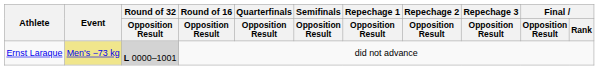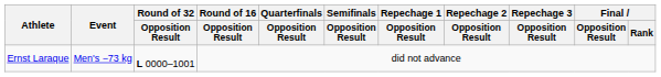 <table class="wikitable" style="font-size:90%">
 <tr>
 <th rowspan="2">Athlete</th>
 <th rowspan="2">Event</th>
 <th>Round of 32</th>
 <th>Round of 16</th>
 <th>Quarterfinals</th>
 <th>Semifinals</th>
 <th>Repechage 1</th>
 <th>Repechage 2</th>
 <th>Repechage 3</th>
 <th colspan=2>Final / </th>
 </tr>
 <tr style="font-size:95%">
 <th>Opposition<br>Result</th>
 <th>Opposition<br>Result</th>
 <th>Opposition<br>Result</th>
 <th>Opposition<br>Result</th>
 <th>Opposition<br>Result</th>
 <th>Opposition<br>Result</th>
 <th>Opposition<br>Result</th>
 <th>Opposition<br>Result</th>
 <th>Rank</th>
 </tr>
 <tr align=center>
 <td align=left><a href='#'>Ernst Laraque</a></td>
-<td align=left style="background: khaki;"><a href='#'>Men's −73 kg</a></td>
-<td style="background: lightgrey;"><br><strong>L</strong> 0000–1001</td>
+<td align=left><a href='#'>Men's −73 kg</a></td>
+<td><br><strong>L</strong> 0000–1001</td>
 <td colspan=8>did not advance</td>
 </tr>
 </table>
